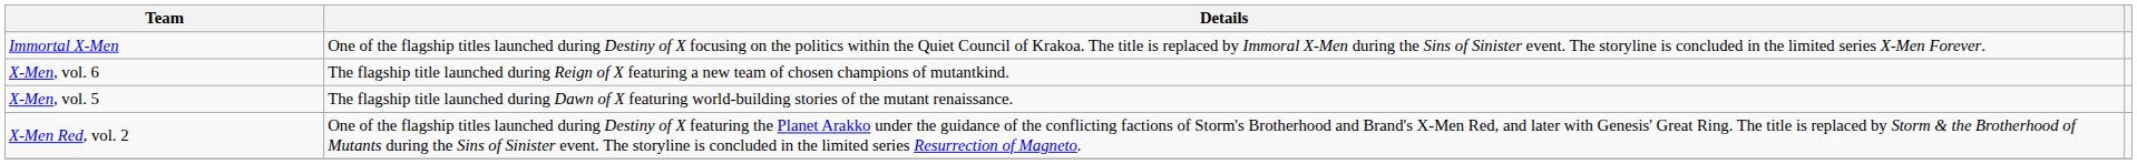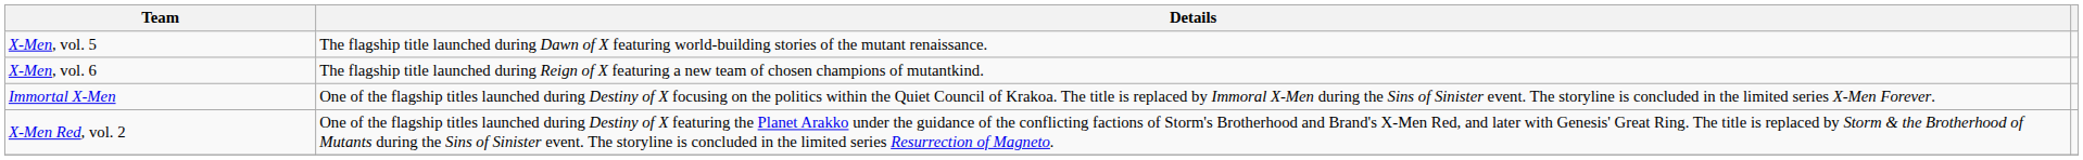 <table class="wikitable sortable" style="margins:auto; width=95%; font-size: 95%;">
 <tr>
 <th width="15%">Team</th>
 <th>Details</th>
 <th></th>
 </tr>
 <tr>
-<td><em><a href='#'>Immortal X-Men</a></em></td>
-<td>One of the flagship titles launched during <em>Destiny of X</em> focusing on the politics within the Quiet Council of Krakoa. The title is replaced by <em>Immoral X-Men</em> during the <em>Sins of Sinister</em> event. The storyline is concluded in the limited series <em>X-Men Forever</em>.</td>
+<td><em><a href='#'>X-Men</a>,</em> vol. 5</td>
+<td>The flagship title launched during <em>Dawn of X</em> featuring world-building stories of the mutant renaissance.</td>
 <td></td>
 </tr>
 <tr>
 <td><em><a href='#'>X-Men</a>,</em> vol. 6</td>
 <td>The flagship title launched during <em>Reign of X</em> featuring a new team of chosen champions of mutantkind.</td>
 <td></td>
 </tr>
 <tr>
-<td><em><a href='#'>X-Men</a>,</em> vol. 5</td>
-<td>The flagship title launched during <em>Dawn of X</em> featuring world-building stories of the mutant renaissance.</td>
+<td><em><a href='#'>Immortal X-Men</a></em></td>
+<td>One of the flagship titles launched during <em>Destiny of X</em> focusing on the politics within the Quiet Council of Krakoa. The title is replaced by <em>Immoral X-Men</em> during the <em>Sins of Sinister</em> event. The storyline is concluded in the limited series <em>X-Men Forever</em>.</td>
 <td></td>
 </tr>
 <tr>
 <td><em><a href='#'>X-Men Red</a>,</em> vol. 2</td>
 <td>One of the flagship titles launched during <em>Destiny of X</em> featuring the <a href='#'>Planet Arakko</a> under the guidance of the conflicting factions of Storm's Brotherhood and Brand's X-Men Red, and later with Genesis' Great Ring. The title is replaced by <em>Storm & the Brotherhood of Mutants</em> during the <em>Sins of Sinister</em> event. The storyline is concluded in the limited series <em><a href='#'>Resurrection of Magneto</a>.</em></td>
 <td></td>
 </tr>
 <tr>
 </tr>
 </table>
